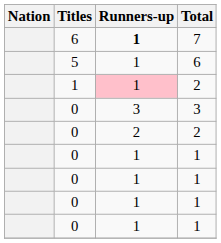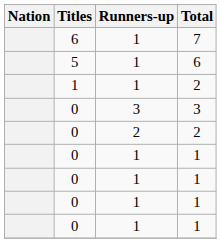 <table class="wikitable plainrowheaders sortable" style="text-align:center">
 <tr>
 <th scope="col">Nation</th>
 <th scope="col">Titles</th>
 <th scope="col">Runners-up</th>
 <th scope="col">Total</th>
 </tr>
 <tr>
 <th scope=row></th>
 <td align=center>6</td>
-<td align=center><strong>1</strong></td>
+<td align=center>1</td>
 <td align=center>7</td>
 </tr>
 <tr>
 <th scope=row></th>
 <td align=center>5</td>
 <td align=center>1</td>
 <td align=center>6</td>
 </tr>
 <tr>
 <th scope=row></th>
 <td align=center>1</td>
-<td align=center style="background: pink;">1</td>
+<td align=center>1</td>
 <td align=center>2</td>
 </tr>
 <tr>
 <th scope=row></th>
 <td align=center>0</td>
 <td align=center>3</td>
 <td align=center>3</td>
 </tr>
 <tr>
 <th scope=row></th>
 <td align=center>0</td>
 <td align=center>2</td>
 <td align=center>2</td>
 </tr>
 <tr>
 <th scope=row></th>
 <td align=center>0</td>
 <td align=center>1</td>
 <td align=center>1</td>
 </tr>
 <tr>
 <th scope=row></th>
 <td align=center>0</td>
 <td align=center>1</td>
 <td align=center>1</td>
 </tr>
 <tr>
 <th scope=row></th>
 <td align=center>0</td>
 <td align=center>1</td>
 <td align=center>1</td>
 </tr>
 <tr>
 <th scope=row></th>
 <td align=center>0</td>
 <td align=center>1</td>
 <td align=center>1</td>
 </tr>
 <tr>
 </tr>
 </table>
